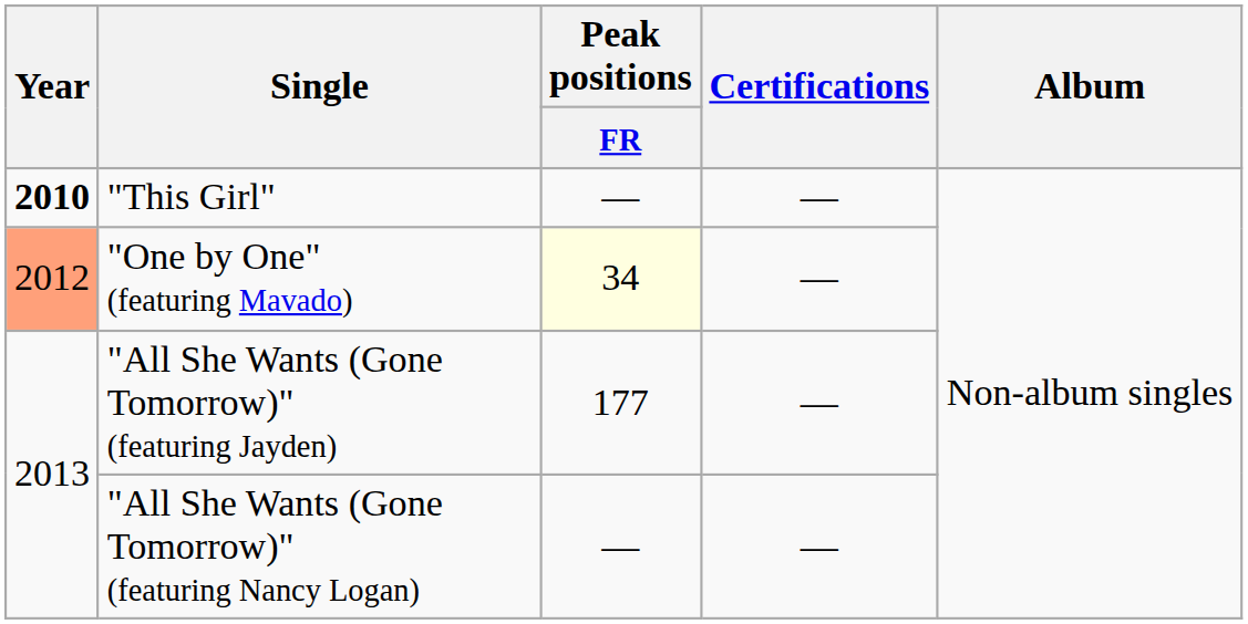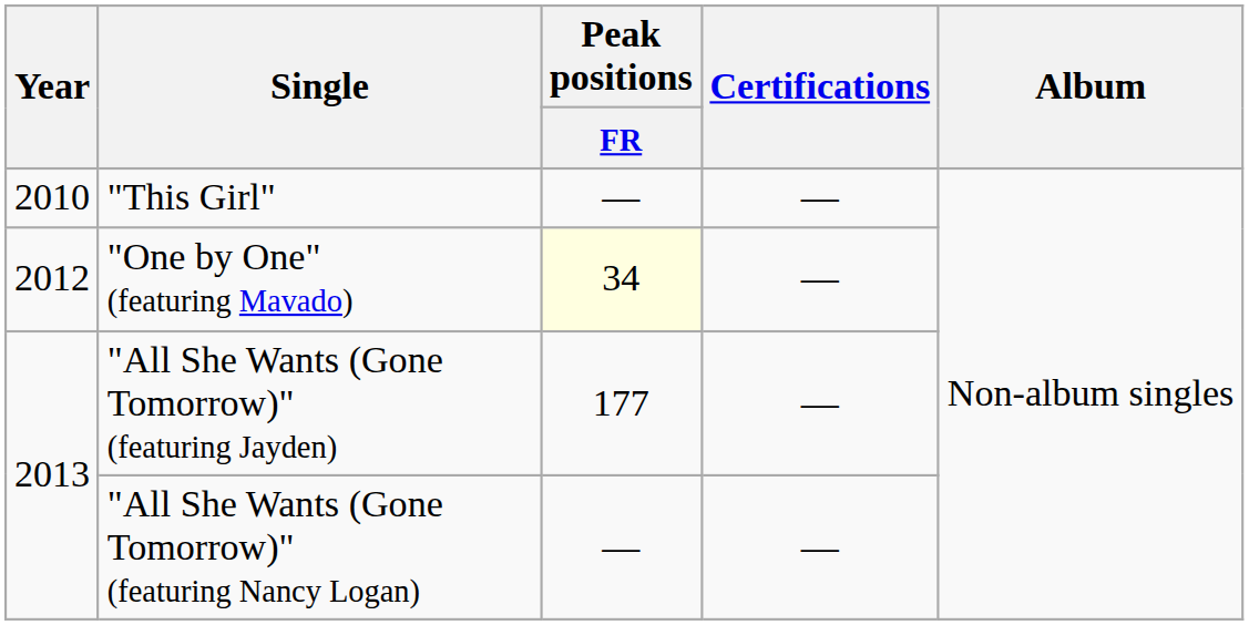 <table class="wikitable">
 <tr>
 <th align="center" rowspan="2" width="10">Year</th>
 <th align="center" rowspan="2" width="180">Single</th>
 <th align="center" colspan="1">Peak positions</th>
 <th scope="col" rowspan="2" width="70"><a href='#'>Certifications</a></th>
 <th scope="col" rowspan="2">Album</th>
 </tr>
 <tr>
 <th width="20"><small><a href='#'>FR</a></small><br></th>
 </tr>
 <tr>
-<td align="center" rowspan="1"><strong>2010</strong></td>
+<td align="center" rowspan="1">2010</td>
 <td>"This Girl"</td>
 <td align="center">—</td>
 <td align="center">—</td>
 <td rowspan="4">Non-album singles</td>
 </tr>
 <tr>
-<td align="center" rowspan="1" style="background: lightsalmon;">2012</td>
+<td align="center" rowspan="1">2012</td>
 <td>"One by One" <br><small>(featuring <a href='#'>Mavado</a>)</small></td>
 <td align="center" style="background: lightyellow;">34</td>
 <td align="center">—</td>
 </tr>
 <tr>
 <td align="center" rowspan="2">2013</td>
 <td>"All She Wants (Gone Tomorrow)" <br><small>(featuring Jayden)</small></td>
 <td align="center">177</td>
 <td align="center">—</td>
 </tr>
 <tr>
 <td>"All She Wants (Gone Tomorrow)" <br><small>(featuring Nancy Logan)</small></td>
 <td align="center">—</td>
 <td align="center">—</td>
 </tr>
 </table>
